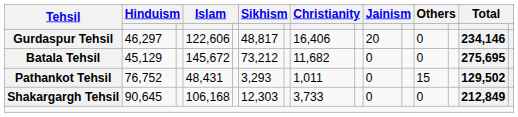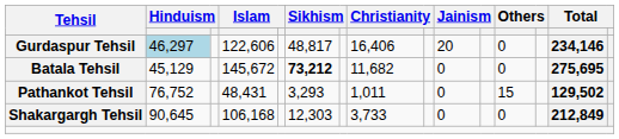 <table class="wikitable sortable">
 <tr>
 <th rowspan="2"><a href='#'>Tehsil</a></th>
 <th colspan="2"><a href='#'>Hinduism</a> </th>
 <th colspan="2"><a href='#'>Islam</a> </th>
 <th colspan="2"><a href='#'>Sikhism</a> </th>
 <th colspan="2"><a href='#'>Christianity</a> </th>
 <th colspan="2"><a href='#'>Jainism</a> </th>
 <th colspan="2">Others</th>
 <th colspan="2">Total</th>
 </tr>
 <tr>
 <th><a href='#'></a></th>
 <th></th>
 <th></th>
 <th></th>
 <th></th>
 <th></th>
 <th></th>
 <th></th>
 <th></th>
 <th></th>
 <th></th>
 <th></th>
 <th></th>
 <th></th>
 </tr>
 <tr>
 <th>Gurdaspur Tehsil</th>
-<td>46,297</td>
+<td style="background: lightblue;">46,297</td>
 <td></td>
 <td>122,606</td>
 <td></td>
 <td>48,817</td>
 <td></td>
 <td>16,406</td>
 <td></td>
 <td>20</td>
 <td></td>
 <td>0</td>
 <td></td>
 <th>234,146</th>
 <th></th>
 </tr>
 <tr>
 <th>Batala Tehsil</th>
 <td>45,129</td>
 <td></td>
 <td>145,672</td>
 <td></td>
-<td>73,212</td>
+<td><strong>73,212</strong></td>
 <td></td>
 <td>11,682</td>
 <td></td>
 <td>0</td>
 <td></td>
 <td>0</td>
 <td></td>
 <th>275,695</th>
 <th></th>
 </tr>
 <tr>
 <th>Pathankot Tehsil</th>
 <td>76,752</td>
 <td></td>
 <td>48,431</td>
 <td></td>
 <td>3,293</td>
 <td></td>
 <td>1,011</td>
 <td></td>
 <td>0</td>
 <td></td>
 <td>15</td>
 <td></td>
 <th>129,502</th>
 <th></th>
 </tr>
 <tr>
 <th>Shakargargh Tehsil</th>
 <td>90,645</td>
 <td></td>
 <td>106,168</td>
 <td></td>
 <td>12,303</td>
 <td></td>
 <td>3,733</td>
 <td></td>
 <td>0</td>
 <td></td>
 <td>0</td>
 <td></td>
 <th>212,849</th>
 <th></th>
 </tr>
 <tr class="sortbottom">
 <td colspan="15"></td>
 </tr>
 </table>
